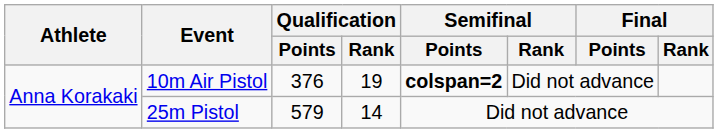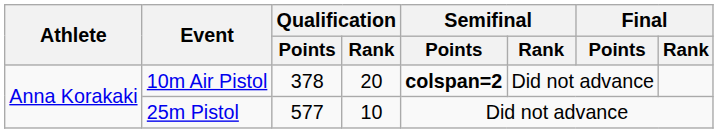 <table class="wikitable" style="font-size:90%">
 <tr>
 <th rowspan="2">Athlete</th>
 <th rowspan="2">Event</th>
 <th colspan=2>Qualification</th>
 <th colspan=2>Semifinal</th>
 <th colspan=2>Final</th>
 </tr>
 <tr style="font-size:95%">
 <th>Points</th>
 <th>Rank</th>
 <th>Points</th>
 <th>Rank</th>
 <th>Points</th>
 <th>Rank</th>
 </tr>
 <tr align=center>
 <td align=left rowspan=2><a href='#'>Anna Korakaki</a></td>
 <td align=left><a href='#'>10m Air Pistol</a></td>
-<td>376</td>
-<td>19</td>
+<td>378</td>
+<td>20</td>
 <td><strong>colspan=2 </strong></td>
 <td colspan=2>Did not advance</td>
 </tr>
 <tr align=center>
 <td align=left><a href='#'>25m Pistol</a></td>
-<td>579</td>
-<td>14</td>
+<td>577</td>
+<td>10</td>
 <td colspan=4>Did not advance</td>
 </tr>
 </table>
